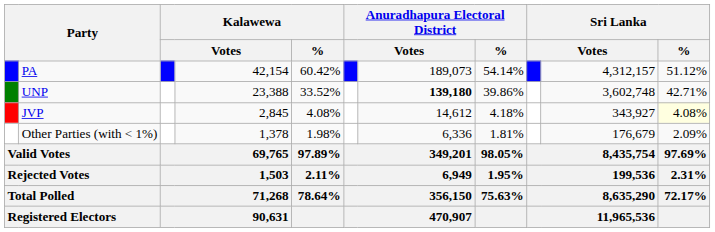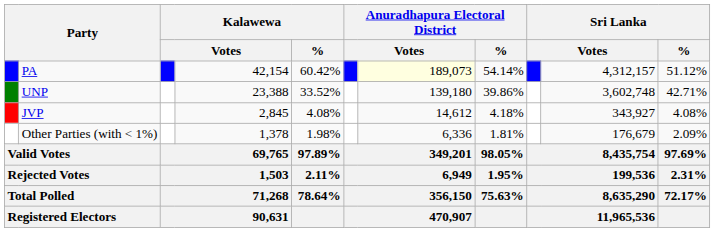 <table class="wikitable">
 <tr>
 <th colspan="2" width="144px"rowspan="2">Party</th>
 <th colspan="3" width="216px">Kalawewa</th>
 <th colspan="3" width="216px"><a href='#'>Anuradhapura Electoral District</a></th>
 <th colspan="3" width="216px">Sri Lanka</th>
 </tr>
 <tr>
 <th colspan="2" width="144px">Votes</th>
 <th>%</th>
 <th colspan="2" width="144px">Votes</th>
 <th>%</th>
 <th colspan="2" width="144px">Votes</th>
 <th>%</th>
 </tr>
 <tr>
 <td style="background-color:blue;" width="10px"></td>
 <td style="text-align:left;"><a href='#'>PA</a></td>
 <td style="background-color:blue;" width="10px"></td>
 <td style="text-align:right;">42,154</td>
 <td style="text-align:right;">60.42%</td>
 <td style="background-color:blue;" width="10px"></td>
-<td style="text-align:right;">189,073</td>
+<td style="background: lightyellow; text-align:right;">189,073</td>
 <td style="text-align:right;">54.14%</td>
 <td style="background-color:blue;" width="10px"></td>
 <td style="text-align:right;">4,312,157</td>
 <td style="text-align:right;">51.12%</td>
 </tr>
 <tr>
 <td style="background-color:green;" width="10px"></td>
 <td style="text-align:left;"><a href='#'>UNP</a></td>
 <td style="background-color:white;" width="10px"></td>
 <td style="text-align:right;">23,388</td>
 <td style="text-align:right;">33.52%</td>
 <td style="background-color:white;" width="10px"></td>
-<td style="text-align:right;"><strong>139,180</strong></td>
+<td style="text-align:right;">139,180</td>
 <td style="text-align:right;">39.86%</td>
 <td style="background-color:white;" width="10px"></td>
 <td style="text-align:right;">3,602,748</td>
 <td style="text-align:right;">42.71%</td>
 </tr>
 <tr>
 <td style="background-color:red;" width="10px"></td>
 <td style="text-align:left;"><a href='#'>JVP</a></td>
 <td style="background-color:white;" width="10px"></td>
 <td style="text-align:right;">2,845</td>
 <td style="text-align:right;">4.08%</td>
 <td style="background-color:white;" width="10px"></td>
 <td style="text-align:right;">14,612</td>
 <td style="text-align:right;">4.18%</td>
 <td style="background-color:white;" width="10px"></td>
 <td style="text-align:right;">343,927</td>
-<td style="background: lightyellow; text-align:right;">4.08%</td>
+<td style="text-align:right;">4.08%</td>
 </tr>
 <tr>
 <td style="background-color:white;" width="10px"></td>
 <td style="text-align:left;">Other Parties (with < 1%)</td>
 <td style="background-color:white;" width="10px"></td>
 <td style="text-align:right;">1,378</td>
 <td style="text-align:right;">1.98%</td>
 <td style="background-color:white;" width="10px"></td>
 <td style="text-align:right;">6,336</td>
 <td style="text-align:right;">1.81%</td>
 <td style="background-color:white;" width="10px"></td>
 <td style="text-align:right;">176,679</td>
 <td style="text-align:right;">2.09%</td>
 </tr>
 <tr>
 <th colspan="2" width="144px"style="text-align:left;">Valid Votes</th>
 <th style="text-align:right;"colspan="2" width="144px">69,765</th>
 <th style="text-align:right;">97.89%</th>
 <th style="text-align:right;"colspan="2" width="144px">349,201</th>
 <th style="text-align:right;">98.05%</th>
 <th style="text-align:right;"colspan="2" width="144px">8,435,754</th>
 <th style="text-align:right;">97.69%</th>
 </tr>
 <tr>
 <th colspan="2" width="144px"style="text-align:left;">Rejected Votes</th>
 <th style="text-align:right;"colspan="2" width="144px">1,503</th>
 <th style="text-align:right;">2.11%</th>
 <th style="text-align:right;"colspan="2" width="144px">6,949</th>
 <th style="text-align:right;">1.95%</th>
 <th style="text-align:right;"colspan="2" width="144px">199,536</th>
 <th style="text-align:right;">2.31%</th>
 </tr>
 <tr>
 <th colspan="2" width="144px"style="text-align:left;">Total Polled</th>
 <th style="text-align:right;"colspan="2" width="144px">71,268</th>
 <th style="text-align:right;">78.64%</th>
 <th style="text-align:right;"colspan="2" width="144px">356,150</th>
 <th style="text-align:right;">75.63%</th>
 <th style="text-align:right;"colspan="2" width="144px">8,635,290</th>
 <th style="text-align:right;">72.17%</th>
 </tr>
 <tr>
 <th colspan="2" width="144px"style="text-align:left;">Registered Electors</th>
 <th style="text-align:right;"colspan="2" width="144px">90,631</th>
 <th></th>
 <th style="text-align:right;"colspan="2" width="144px">470,907</th>
 <th></th>
 <th style="text-align:right;"colspan="2" width="144px">11,965,536</th>
 <th></th>
 </tr>
 </table>
